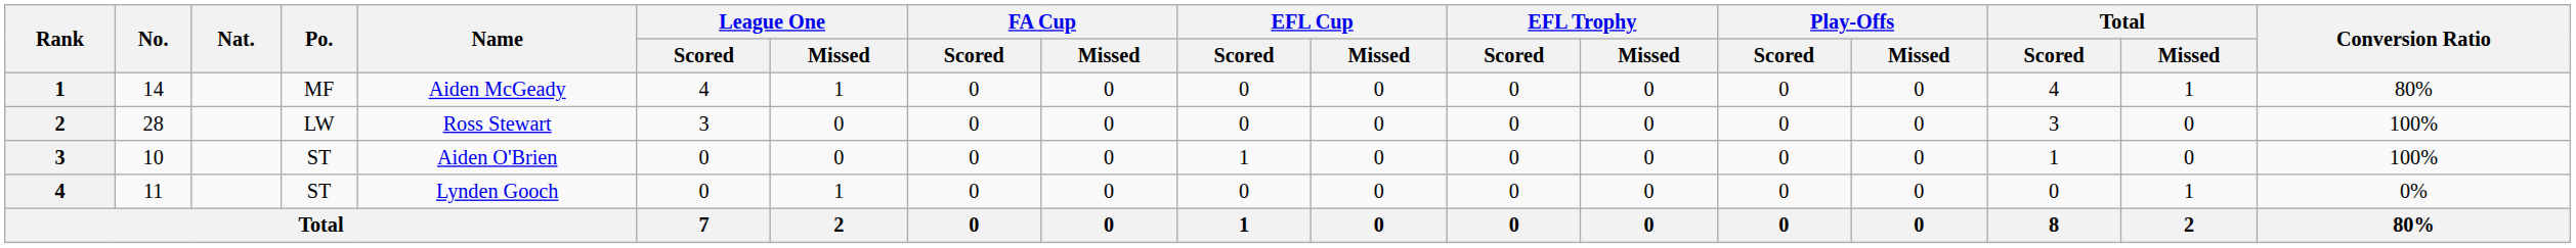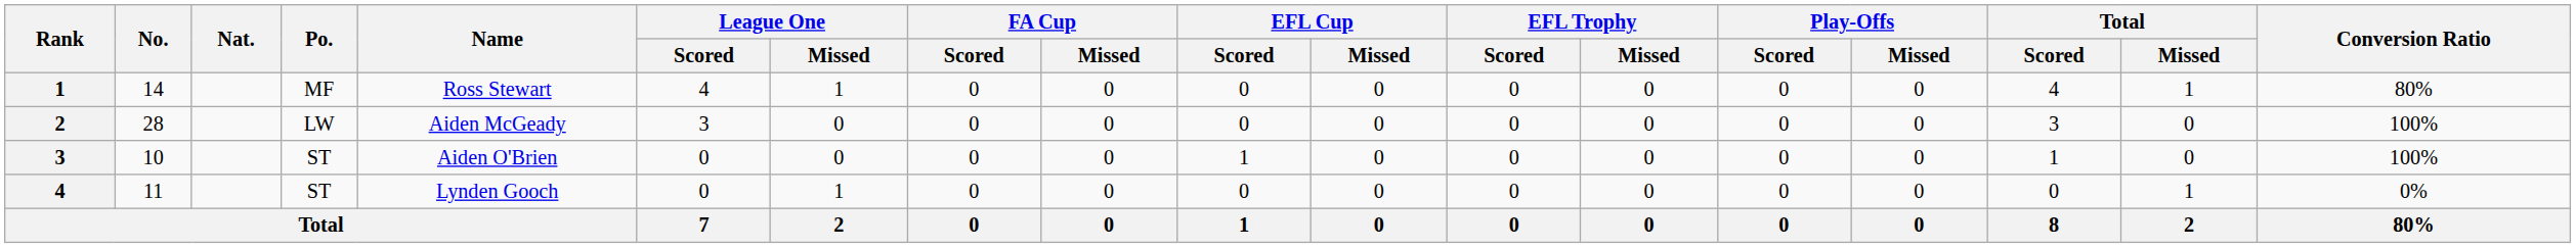 <table class="wikitable" style="text-align:center; font-size:95%; width:95%;">
 <tr>
 <th ! rowspan="2">Rank</th>
 <th rowspan="2">No.</th>
 <th rowspan="2">Nat.</th>
 <th rowspan="2">Po.</th>
 <th rowspan="2">Name</th>
 <th colspan="2"><a href='#'>League One</a></th>
 <th colspan="2"><a href='#'>FA Cup</a></th>
 <th colspan="2"><a href='#'>EFL Cup</a></th>
 <th colspan="2"><a href='#'>EFL Trophy</a></th>
 <th colspan="2"><a href='#'>Play-Offs</a></th>
 <th colspan="2">Total</th>
 <th rowspan="2">Conversion Ratio</th>
 </tr>
 <tr>
 <th>Scored </th>
 <th>Missed </th>
 <th>Scored </th>
 <th>Missed </th>
 <th>Scored </th>
 <th>Missed </th>
 <th>Scored </th>
 <th>Missed </th>
 <th>Scored </th>
 <th>Missed </th>
 <th>Scored </th>
 <th>Missed </th>
 </tr>
 <tr>
 <th rowspan=1>1</th>
 <td>14</td>
 <td></td>
 <td>MF</td>
-<td><a href='#'>Aiden McGeady</a></td>
+<td><a href='#'>Ross Stewart</a></td>
 <td>4</td>
 <td>1</td>
 <td>0</td>
 <td>0</td>
 <td>0</td>
 <td>0</td>
 <td>0</td>
 <td>0</td>
 <td>0</td>
 <td>0</td>
 <td>4</td>
 <td>1</td>
 <td>80%</td>
 </tr>
 <tr>
 <th rowspan=1>2</th>
 <td>28</td>
 <td></td>
 <td>LW</td>
-<td><a href='#'>Ross Stewart</a></td>
+<td><a href='#'>Aiden McGeady</a></td>
 <td>3</td>
 <td>0</td>
 <td>0</td>
 <td>0</td>
 <td>0</td>
 <td>0</td>
 <td>0</td>
 <td>0</td>
 <td>0</td>
 <td>0</td>
 <td>3</td>
 <td>0</td>
 <td>100%</td>
 </tr>
 <tr>
 <th rowspan=1>3</th>
 <td>10</td>
 <td></td>
 <td>ST</td>
 <td><a href='#'>Aiden O'Brien</a></td>
 <td>0</td>
 <td>0</td>
 <td>0</td>
 <td>0</td>
 <td>1</td>
 <td>0</td>
 <td>0</td>
 <td>0</td>
 <td>0</td>
 <td>0</td>
 <td>1</td>
 <td>0</td>
 <td>100%</td>
 </tr>
 <tr>
 <th rowspan=1>4</th>
 <td>11</td>
 <td></td>
 <td>ST</td>
 <td><a href='#'>Lynden Gooch</a></td>
 <td>0</td>
 <td>1</td>
 <td>0</td>
 <td>0</td>
 <td>0</td>
 <td>0</td>
 <td>0</td>
 <td>0</td>
 <td>0</td>
 <td>0</td>
 <td>0</td>
 <td>1</td>
 <td>0%</td>
 </tr>
 <tr>
 <th colspan=5>Total</th>
 <th>7</th>
 <th>2</th>
 <th>0</th>
 <th>0</th>
 <th>1</th>
 <th>0</th>
 <th>0</th>
 <th>0</th>
 <th>0</th>
 <th>0</th>
 <th>8</th>
 <th>2</th>
 <th>80%</th>
 </tr>
 </table>
